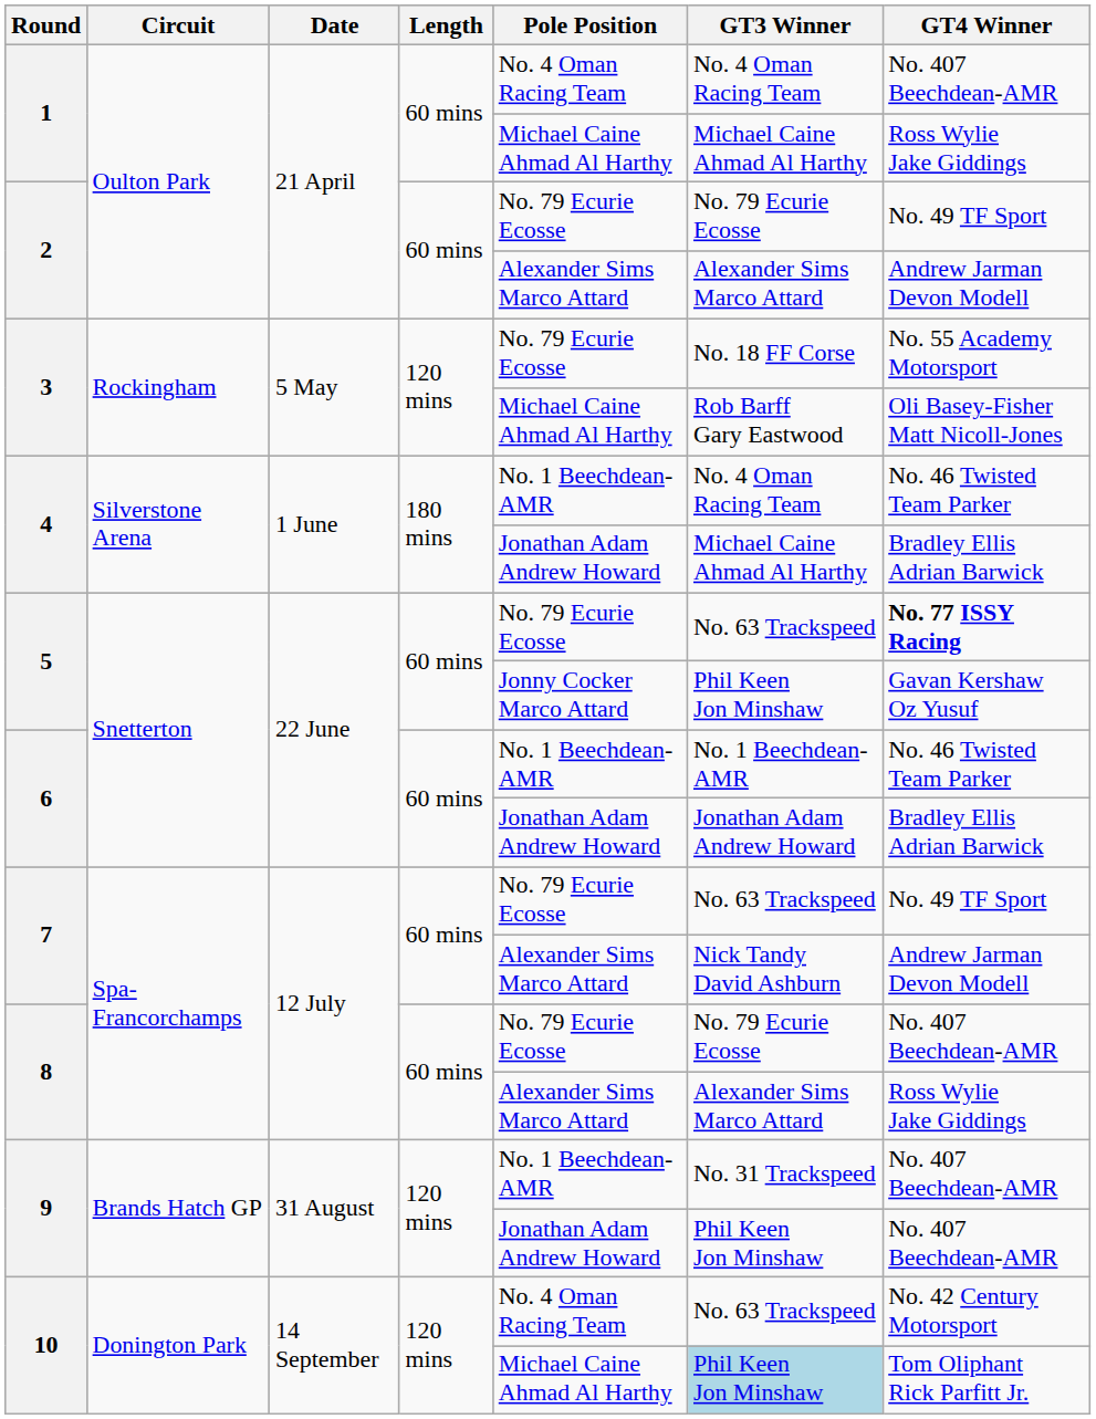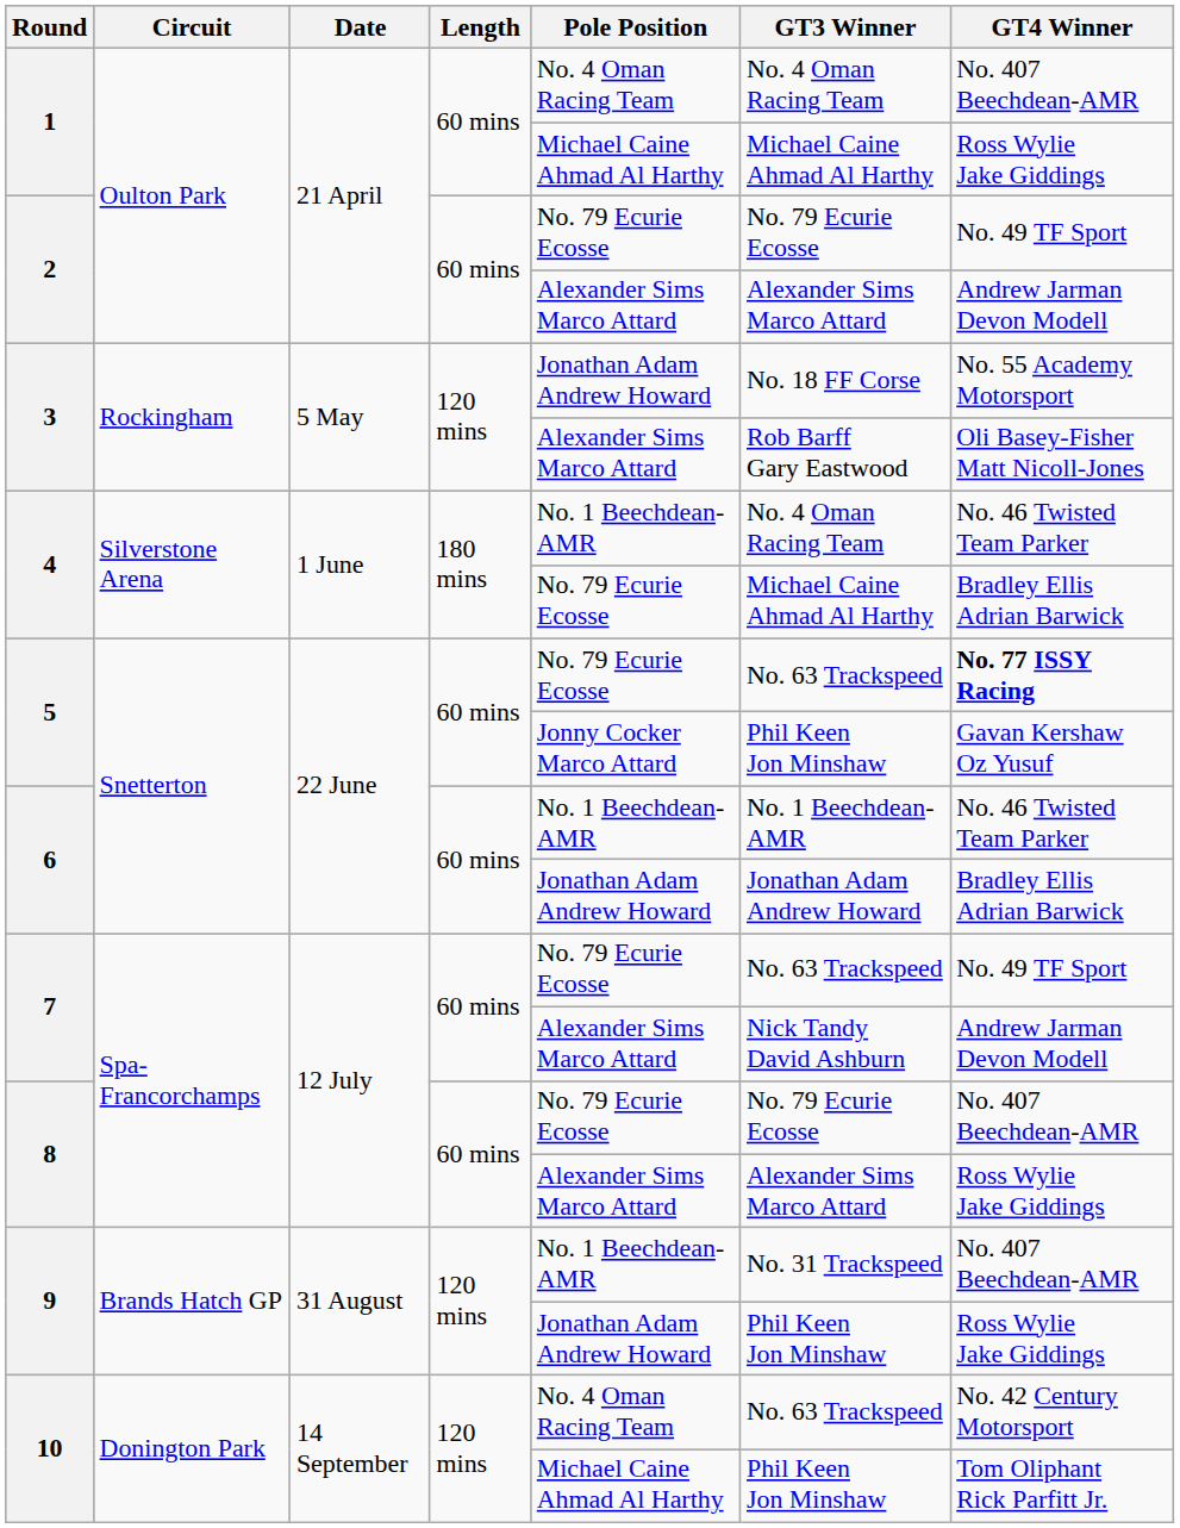 <table class="wikitable" style="font-size: 85%">
 <tr>
 <th>Round</th>
 <th>Circuit</th>
 <th>Date</th>
 <th>Length</th>
 <th>Pole Position</th>
 <th>GT3 Winner</th>
 <th>GT4 Winner</th>
 </tr>
 <tr>
 <th rowspan=2>1</th>
 <td rowspan=4><a href='#'>Oulton Park</a></td>
 <td rowspan=4>21 April</td>
 <td rowspan=2>60 mins</td>
 <td>No. 4 <a href='#'>Oman Racing Team</a></td>
 <td>No. 4 <a href='#'>Oman Racing Team</a></td>
 <td>No. 407 <a href='#'>Beechdean</a>-<a href='#'>AMR</a></td>
 </tr>
 <tr>
 <td> <a href='#'>Michael Caine</a><br> <a href='#'>Ahmad Al Harthy</a></td>
 <td> <a href='#'>Michael Caine</a><br> <a href='#'>Ahmad Al Harthy</a></td>
 <td> <a href='#'>Ross Wylie</a><br> <a href='#'>Jake Giddings</a></td>
 </tr>
 <tr>
 <th rowspan=2>2</th>
 <td rowspan=2>60 mins</td>
 <td>No. 79 <a href='#'>Ecurie Ecosse</a></td>
 <td>No. 79 <a href='#'>Ecurie Ecosse</a></td>
 <td>No. 49 <a href='#'>TF Sport</a></td>
 </tr>
 <tr>
 <td> <a href='#'>Alexander Sims</a><br> <a href='#'>Marco Attard</a></td>
 <td> <a href='#'>Alexander Sims</a><br> <a href='#'>Marco Attard</a></td>
 <td> <a href='#'>Andrew Jarman</a><br> <a href='#'>Devon Modell</a></td>
 </tr>
 <tr>
 <th rowspan=2>3</th>
 <td rowspan=2><a href='#'>Rockingham</a></td>
 <td rowspan=2>5 May</td>
 <td rowspan=2>120 mins</td>
-<td>No. 79 <a href='#'>Ecurie Ecosse</a></td>
+<td> <a href='#'>Jonathan Adam</a><br> <a href='#'>Andrew Howard</a></td>
 <td>No. 18 <a href='#'>FF Corse</a></td>
 <td>No. 55 <a href='#'>Academy Motorsport</a></td>
 </tr>
 <tr>
-<td> <a href='#'>Michael Caine</a><br> <a href='#'>Ahmad Al Harthy</a></td>
+<td> <a href='#'>Alexander Sims</a><br> <a href='#'>Marco Attard</a></td>
 <td> <a href='#'>Rob Barff</a><br> Gary Eastwood</td>
 <td> <a href='#'>Oli Basey-Fisher</a><br> <a href='#'>Matt Nicoll-Jones</a></td>
 </tr>
 <tr>
 <th rowspan=2>4</th>
 <td rowspan=2><a href='#'>Silverstone Arena</a></td>
 <td rowspan=2>1 June</td>
 <td rowspan=2>180 mins</td>
 <td>No. 1 <a href='#'>Beechdean</a>-<a href='#'>AMR</a></td>
 <td>No. 4 <a href='#'>Oman Racing Team</a></td>
 <td>No. 46 <a href='#'>Twisted Team Parker</a></td>
 </tr>
 <tr>
-<td> <a href='#'>Jonathan Adam</a><br> <a href='#'>Andrew Howard</a></td>
+<td>No. 79 <a href='#'>Ecurie Ecosse</a></td>
 <td> <a href='#'>Michael Caine</a><br> <a href='#'>Ahmad Al Harthy</a></td>
 <td> <a href='#'>Bradley Ellis</a><br> <a href='#'>Adrian Barwick</a></td>
 </tr>
 <tr>
 <th rowspan=2>5</th>
 <td rowspan=4><a href='#'>Snetterton</a></td>
 <td rowspan=4>22 June</td>
 <td rowspan=2>60 mins</td>
 <td>No. 79 <a href='#'>Ecurie Ecosse</a></td>
 <td>No. 63 <a href='#'>Trackspeed</a></td>
 <td><strong>No. 77 <a href='#'>ISSY Racing</a></strong></td>
 </tr>
 <tr>
 <td> <a href='#'>Jonny Cocker</a><br> <a href='#'>Marco Attard</a></td>
 <td> <a href='#'>Phil Keen</a><br> <a href='#'>Jon Minshaw</a></td>
 <td> <a href='#'>Gavan Kershaw</a><br> <a href='#'>Oz Yusuf</a></td>
 </tr>
 <tr>
 <th rowspan=2>6</th>
 <td rowspan=2>60 mins</td>
 <td>No. 1 <a href='#'>Beechdean</a>-<a href='#'>AMR</a></td>
 <td>No. 1 <a href='#'>Beechdean</a>-<a href='#'>AMR</a></td>
 <td>No. 46 <a href='#'>Twisted Team Parker</a></td>
 </tr>
 <tr>
 <td> <a href='#'>Jonathan Adam</a><br> <a href='#'>Andrew Howard</a></td>
 <td> <a href='#'>Jonathan Adam</a><br> <a href='#'>Andrew Howard</a></td>
 <td> <a href='#'>Bradley Ellis</a><br> <a href='#'>Adrian Barwick</a></td>
 </tr>
 <tr>
 <th rowspan=2>7</th>
 <td rowspan=4><a href='#'>Spa-Francorchamps</a></td>
 <td rowspan=4>12 July</td>
 <td rowspan=2>60 mins</td>
 <td>No. 79 <a href='#'>Ecurie Ecosse</a></td>
 <td>No. 63 <a href='#'>Trackspeed</a></td>
 <td>No. 49 <a href='#'>TF Sport</a></td>
 </tr>
 <tr>
 <td> <a href='#'>Alexander Sims</a><br> <a href='#'>Marco Attard</a></td>
 <td> <a href='#'>Nick Tandy</a><br> <a href='#'>David Ashburn</a></td>
 <td> <a href='#'>Andrew Jarman</a><br> <a href='#'>Devon Modell</a></td>
 </tr>
 <tr>
 <th rowspan=2>8</th>
 <td rowspan=2>60 mins</td>
 <td>No. 79 <a href='#'>Ecurie Ecosse</a></td>
 <td>No. 79 <a href='#'>Ecurie Ecosse</a></td>
 <td>No. 407 <a href='#'>Beechdean</a>-<a href='#'>AMR</a></td>
 </tr>
 <tr>
 <td> <a href='#'>Alexander Sims</a><br> <a href='#'>Marco Attard</a></td>
 <td> <a href='#'>Alexander Sims</a><br> <a href='#'>Marco Attard</a></td>
 <td> <a href='#'>Ross Wylie</a><br> <a href='#'>Jake Giddings</a></td>
 </tr>
 <tr>
 <th rowspan=2>9</th>
 <td rowspan=2><a href='#'>Brands Hatch</a> GP</td>
 <td rowspan=2>31 August</td>
 <td rowspan=2>120 mins</td>
 <td>No. 1 <a href='#'>Beechdean</a>-<a href='#'>AMR</a></td>
 <td>No. 31 <a href='#'>Trackspeed</a></td>
 <td>No. 407 <a href='#'>Beechdean</a>-<a href='#'>AMR</a></td>
 </tr>
 <tr>
 <td> <a href='#'>Jonathan Adam</a><br> <a href='#'>Andrew Howard</a></td>
 <td> <a href='#'>Phil Keen</a><br> <a href='#'>Jon Minshaw</a></td>
-<td>No. 407 <a href='#'>Beechdean</a>-<a href='#'>AMR</a></td>
+<td> <a href='#'>Ross Wylie</a><br> <a href='#'>Jake Giddings</a></td>
 </tr>
 <tr>
 <th rowspan=2>10</th>
 <td rowspan=2><a href='#'>Donington Park</a></td>
 <td rowspan=2>14 September</td>
 <td rowspan=2>120 mins</td>
 <td>No. 4 <a href='#'>Oman Racing Team</a></td>
 <td>No. 63 <a href='#'>Trackspeed</a></td>
 <td>No. 42 <a href='#'>Century Motorsport</a></td>
 </tr>
 <tr>
 <td> <a href='#'>Michael Caine</a><br> <a href='#'>Ahmad Al Harthy</a></td>
-<td style="background: lightblue;"> <a href='#'>Phil Keen</a><br> <a href='#'>Jon Minshaw</a></td>
+<td> <a href='#'>Phil Keen</a><br> <a href='#'>Jon Minshaw</a></td>
 <td> <a href='#'>Tom Oliphant</a><br> <a href='#'>Rick Parfitt Jr.</a></td>
 </tr>
 </table>
